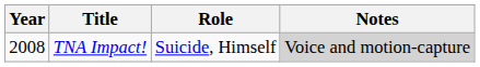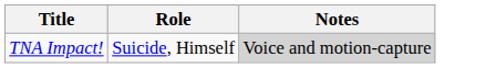 <table class="wikitable sortable" style="float: centre; margin-centre: 0; margin-centre: 1em;">
 <tr>
-<th>Year</th>
 <th>Title</th>
 <th>Role</th>
 <th>Notes</th>
 </tr>
 <tr>
-<td>2008</td>
 <td><em><a href='#'>TNA Impact!</a></em></td>
 <td><a href='#'>Suicide</a>, Himself</td>
 <td style="background: lightgrey;">Voice and motion-capture</td>
 </tr>
 </table>
